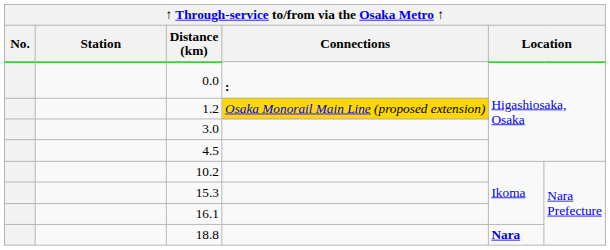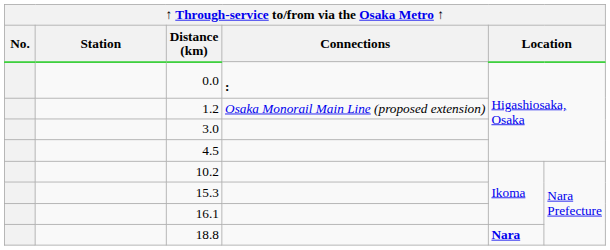 <table class="wikitable">
 <tr>
 <th colspan="6" align="center">↑ <a href='#'>Through-service</a> to/from  via the   <a href='#'>Osaka Metro</a>    ↑</th>
 </tr>
 <tr>
 <th width="30px" style="border-bottom:solid 2px limegreen">No.</th>
 <th width="150px" style="border-bottom:solid 2px limegreen">Station</th>
 <th width="60px" style="border-bottom:solid 2px limegreen">Distance (km)</th>
 <th style="border-bottom:solid 2px #">Connections</th>
 <th width="120px" style="border-bottom:solid 2px limegreen" colspan="2">Location</th>
 </tr>
 <tr>
 <th width="30px"></th>
 <td width="150px"><br></td>
 <td width="60px" align="right">0.0</td>
 <td><br><strong>:</strong><br></td>
 <td width="60px" rowspan="4" colspan="2"><a href='#'>Higashiosaka, Osaka</a></td>
 </tr>
 <tr>
 <th width="30px"></th>
 <td width="150px"><br></td>
 <td width="60px" align="right">1.2</td>
-<td style="background: gold;"><em><a href='#'>Osaka Monorail Main Line</a> (proposed extension)</em></td>
+<td><em><a href='#'>Osaka Monorail Main Line</a> (proposed extension)</em></td>
 </tr>
 <tr>
 <th width="30px"></th>
 <td width="150px"><br></td>
 <td width="60px" align="right">3.0</td>
 <td></td>
 </tr>
 <tr>
 <th width="30px"></th>
 <td width="150px"><br></td>
 <td width="60px" align="right">4.5</td>
 <td></td>
 </tr>
 <tr>
 <th width="30px"></th>
 <td width="150px"><br></td>
 <td width="60px" align="right">10.2</td>
 <td></td>
 <td width="60px" rowspan="3"><a href='#'>Ikoma</a></td>
 <td width="60px" rowspan="4"><a href='#'>Nara Prefecture</a></td>
 </tr>
 <tr>
 <th width="30px"></th>
 <td width="150px"><br></td>
 <td width="60px" align="right">15.3</td>
 <td></td>
 </tr>
 <tr>
 <th width="30px"></th>
 <td width="150px"><br></td>
 <td width="60px" align="right">16.1</td>
 <td></td>
 </tr>
 <tr>
 <th width="30px"></th>
 <td width="150px"><br></td>
 <td width="60px" align="right">18.8</td>
 <td></td>
 <td width="60px"><strong><a href='#'>Nara</a></strong></td>
 </tr>
 </table>
